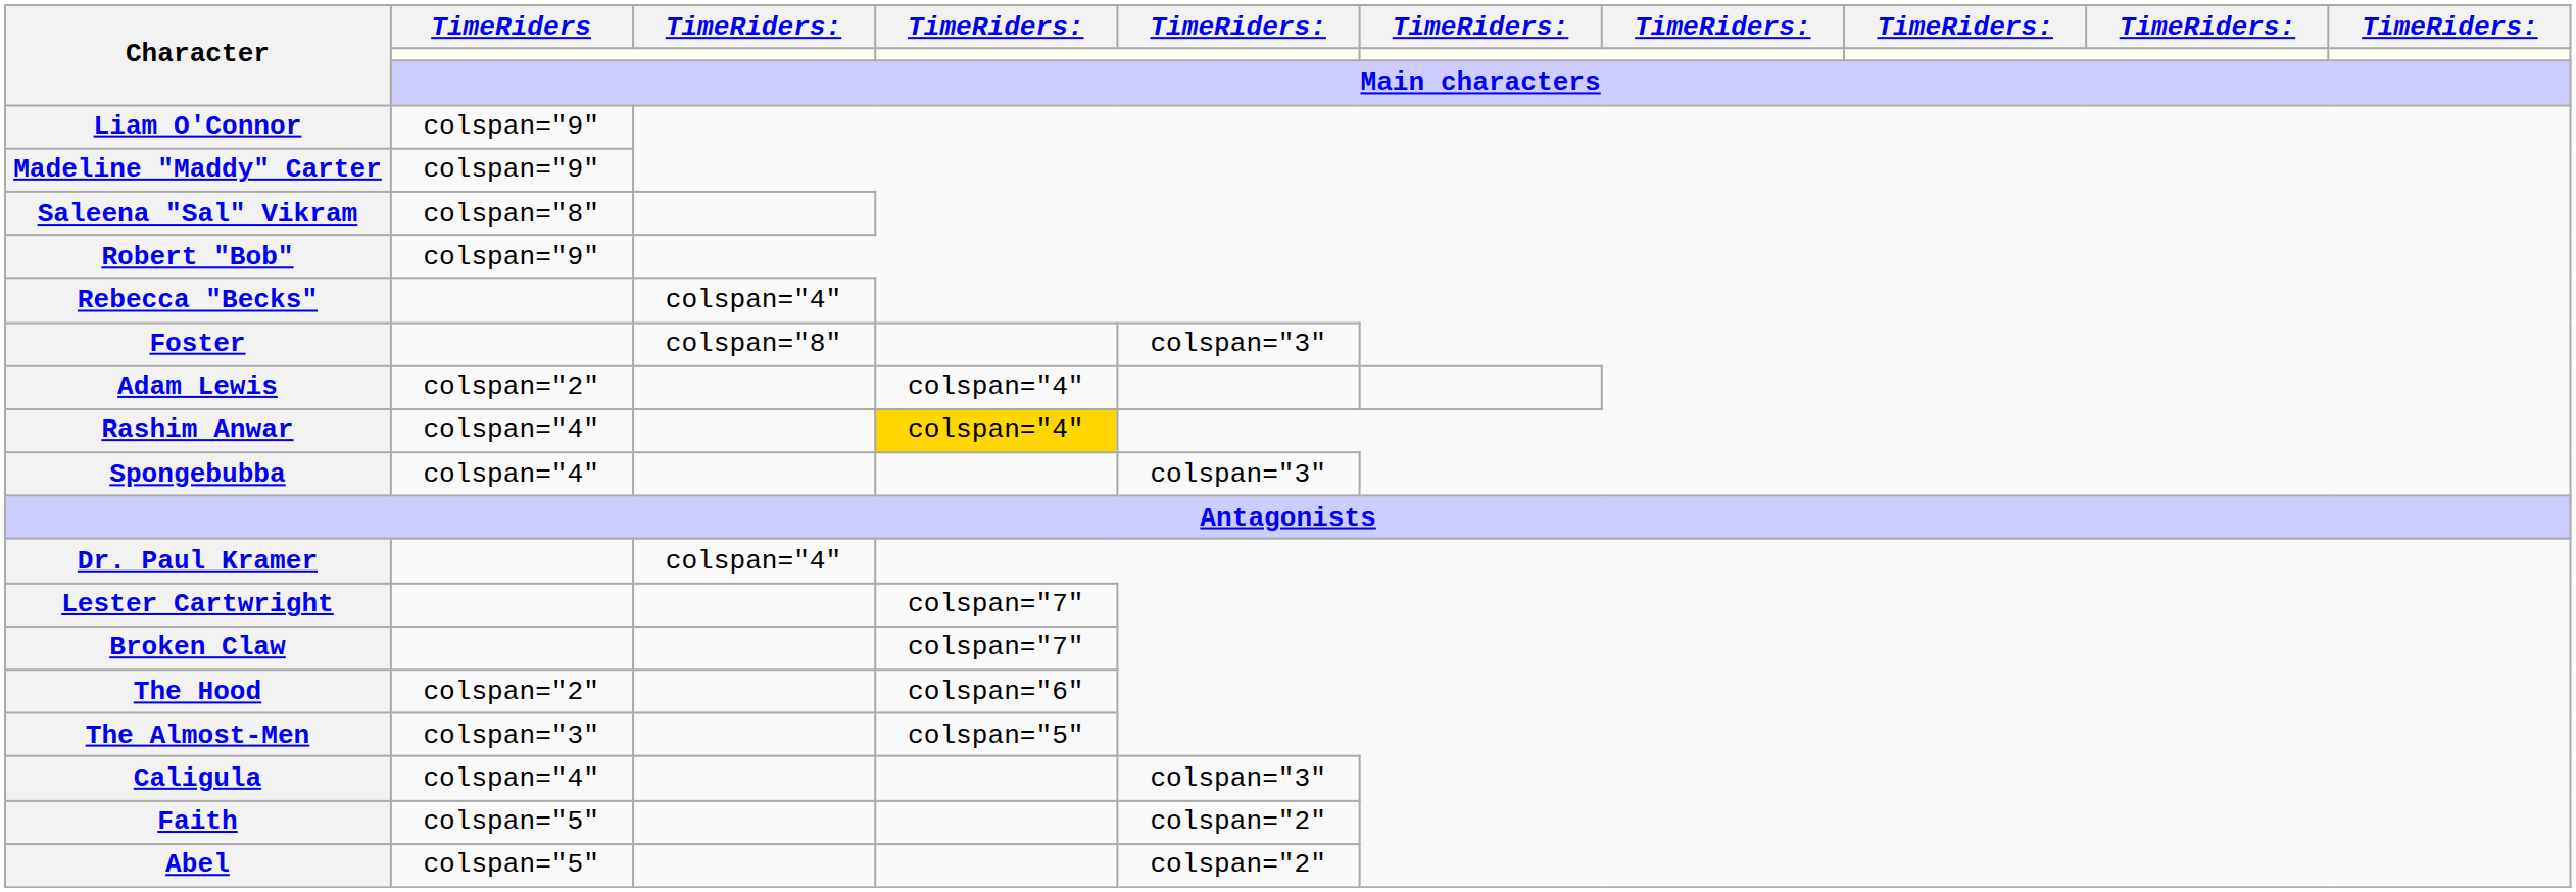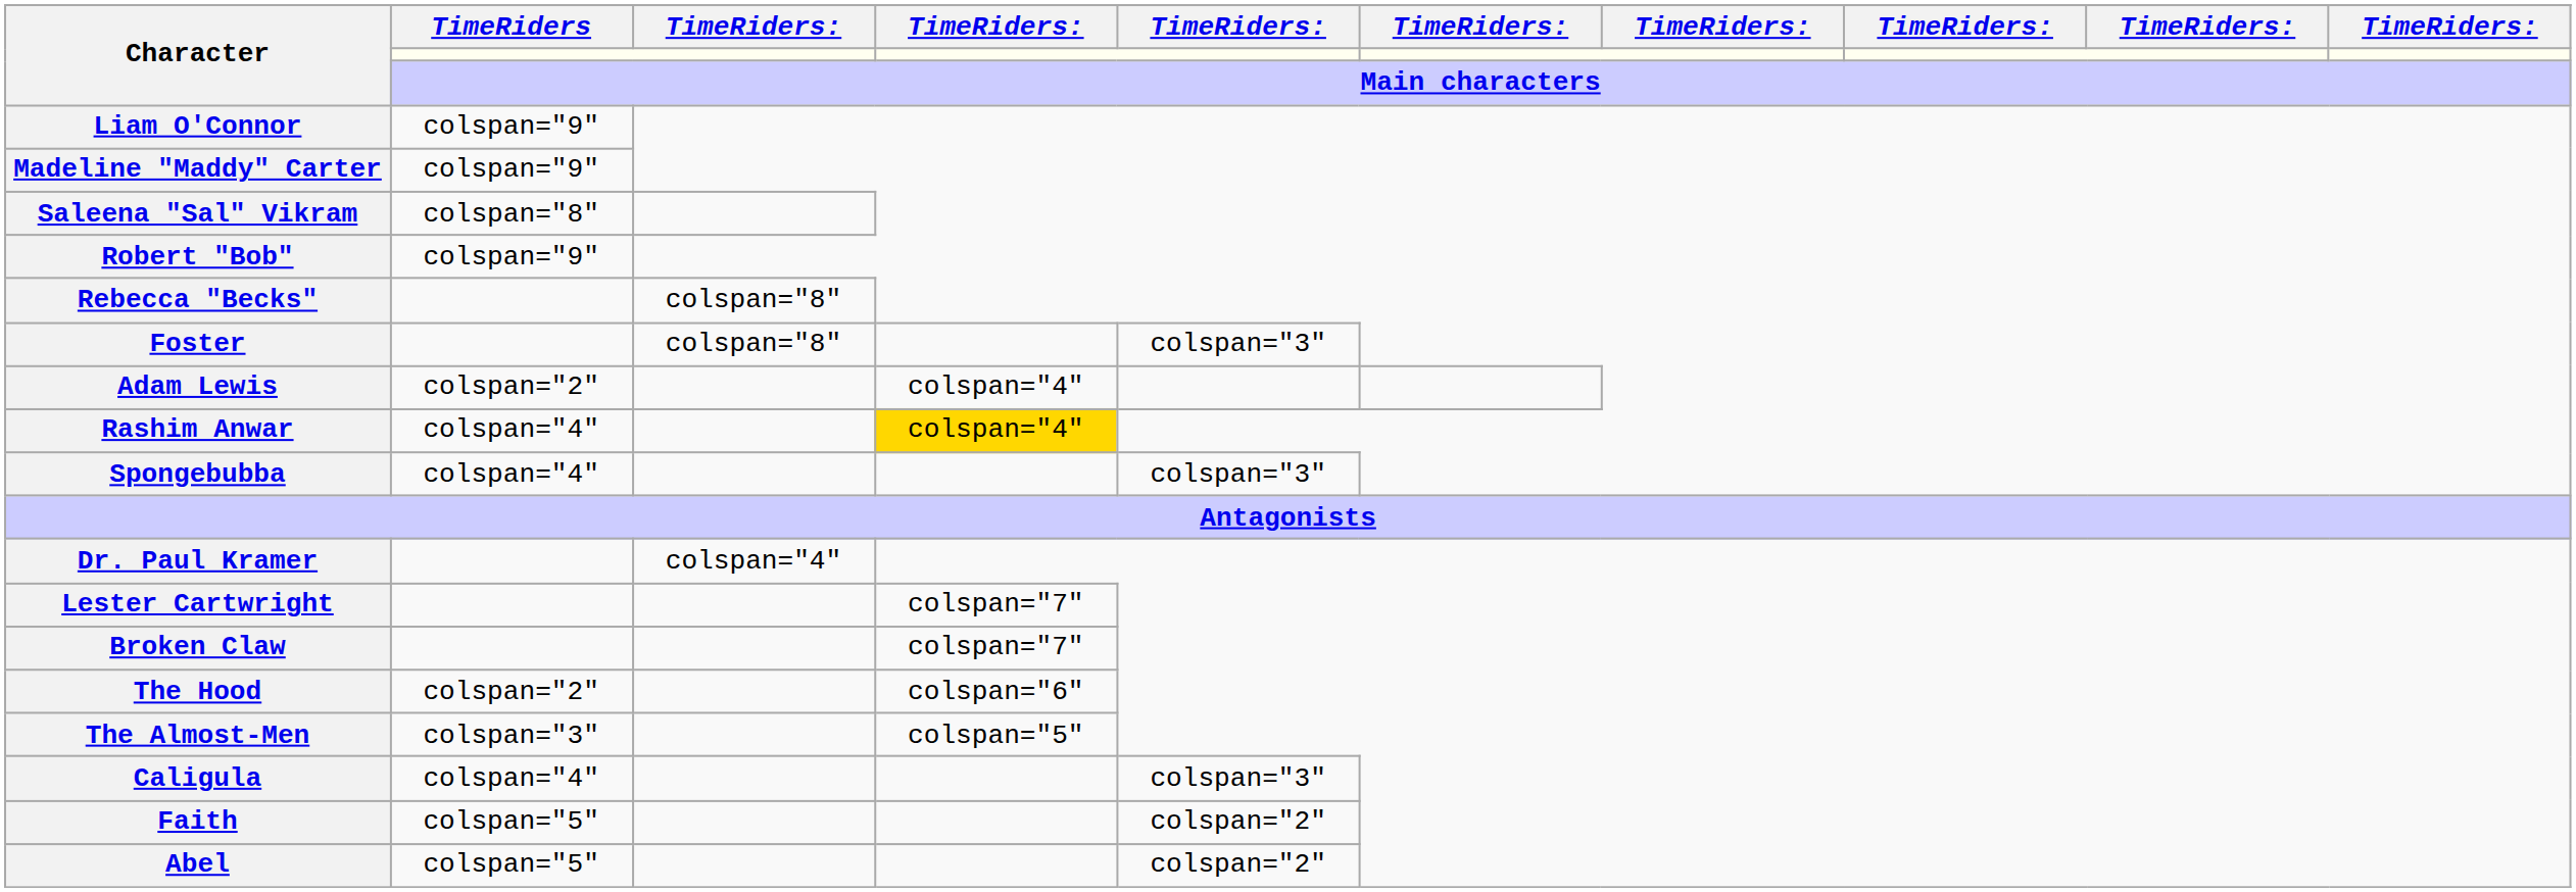 <table class="wikitable" style="width:99%; text-align:center;">
 <tr>
 <th rowspan="4" style="width:15%;">Character</th>
 </tr>
 <tr>
 <th><a href='#'><em>TimeRiders</em></a></th>
 <th><a href='#'><em>TimeRiders:<br></em></a></th>
 <th><a href='#'><em>TimeRiders:<br></em></a></th>
 <th><a href='#'><em>TimeRiders:<br></em></a></th>
 <th><a href='#'><em>TimeRiders:<br></em></a></th>
 <th><a href='#'><em>TimeRiders:<br></em></a></th>
 <th><a href='#'><em>TimeRiders:<br></em></a></th>
 <th><a href='#'><em>TimeRiders:<br></em></a></th>
 <th><a href='#'><em>TimeRiders:<br></em></a></th>
 </tr>
 <tr>
 <td colspan="2" style="background:ivory; text-align:center;"></td>
 <td colspan="2" style="background:ivory; text-align:center;"></td>
 <td colspan="2" style="background:ivory; text-align:center;"></td>
 <td colspan="2" style="background:ivory; text-align:center;"></td>
 <td style="background:ivory; text-align:center;"></td>
 </tr>
 <tr>
 <th colspan="9" style="background-color:#ccccff;"><a href='#'>Main characters</a></th>
 </tr>
 <tr>
 <th style="text-align:center;"><a href='#'>Liam O'Connor</a></th>
 <td>colspan="9" </td>
 </tr>
 <tr>
 <th style="text-align:center;"><a href='#'>Madeline "Maddy" Carter</a></th>
 <td>colspan="9" </td>
 </tr>
 <tr>
 <th style="text-align:center;"><a href='#'>Saleena "Sal" Vikram</a></th>
 <td>colspan="8" </td>
 <td></td>
 </tr>
 <tr>
 <th style="text-align:center;"><a href='#'>Robert "Bob"</a></th>
 <td>colspan="9" </td>
 </tr>
 <tr>
 <th style="text-align:center;"><a href='#'>Rebecca "Becks"</a></th>
 <td></td>
-<td>colspan="4" </td>
+<td>colspan="8" </td>
 </tr>
 <tr>
 <th style="text-align:center;"><a href='#'>Foster</a></th>
 <td></td>
 <td>colspan="8" </td>
 <td></td>
 <td>colspan="3" </td>
 </tr>
 <tr>
 <th style="text-align:center;"><a href='#'>Adam Lewis</a></th>
 <td>colspan="2" </td>
 <td></td>
 <td>colspan="4" </td>
 <td></td>
 <td></td>
 </tr>
 <tr>
 <th style="text-align:center;"><a href='#'>Rashim Anwar</a></th>
 <td>colspan="4" </td>
 <td></td>
 <td style="background: gold;">colspan="4" </td>
 </tr>
 <tr>
 <th style="text-align:center;"><a href='#'>Spongebubba</a></th>
 <td>colspan="4" </td>
 <td></td>
 <td></td>
 <td>colspan="3" </td>
 </tr>
 <tr>
 <th colspan="10" style="background-color:#ccccff;"><a href='#'>Antagonists</a></th>
 </tr>
 <tr>
 <th><a href='#'>Dr. Paul Kramer</a></th>
 <td></td>
 <td>colspan="4" </td>
 </tr>
 <tr>
 <th><a href='#'>Lester Cartwright</a></th>
 <td></td>
 <td></td>
 <td>colspan="7" </td>
 </tr>
 <tr>
 <th><a href='#'>Broken Claw</a></th>
 <td></td>
 <td></td>
 <td>colspan="7" </td>
 </tr>
 <tr>
 <th><a href='#'>The Hood</a></th>
 <td>colspan="2" </td>
 <td></td>
 <td>colspan="6" </td>
 </tr>
 <tr>
 <th><a href='#'>The Almost-Men</a></th>
 <td>colspan="3" </td>
 <td></td>
 <td>colspan="5" </td>
 </tr>
 <tr>
 <th style="text-align:center;"><a href='#'>Caligula</a></th>
 <td>colspan="4" </td>
 <td></td>
 <td></td>
 <td>colspan="3" </td>
 </tr>
 <tr>
 <th style="text-align:center;"><a href='#'>Faith</a></th>
 <td>colspan="5" </td>
 <td></td>
 <td></td>
 <td>colspan="2" </td>
 </tr>
 <tr>
 <th style="text-align:center;"><a href='#'>Abel</a></th>
 <td>colspan="5" </td>
 <td></td>
 <td></td>
 <td>colspan="2" </td>
 </tr>
 </table>
